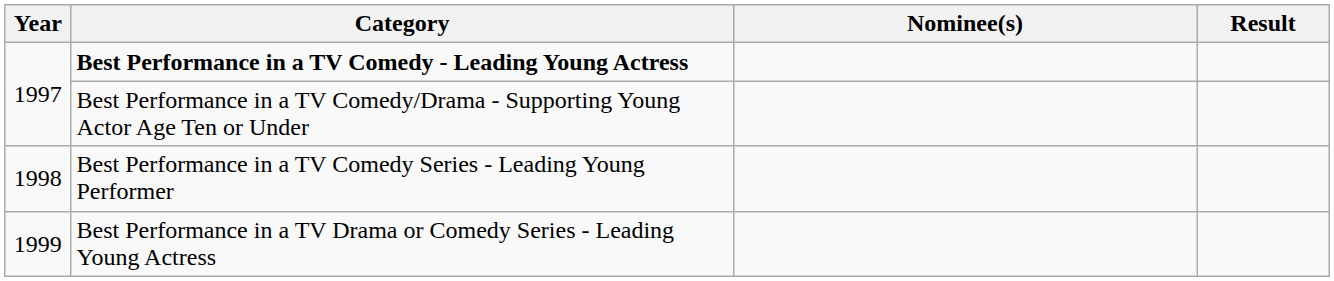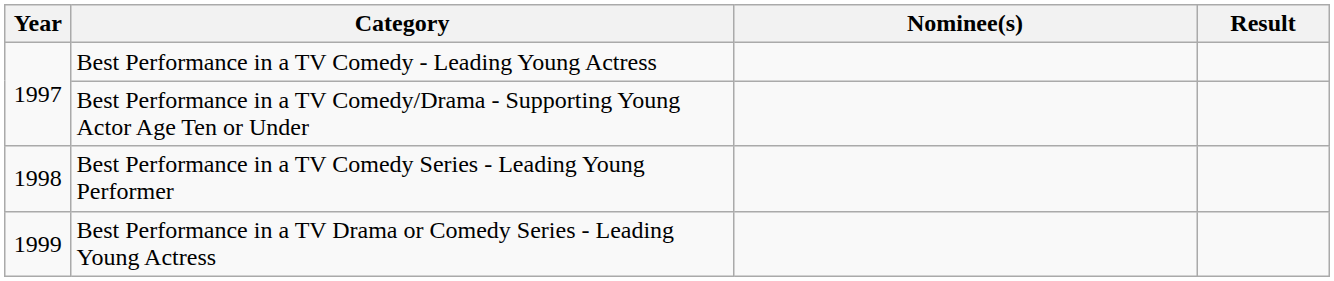 <table class="wikitable" width=100%>
 <tr>
 <th width="5%">Year</th>
 <th width="50%">Category</th>
 <th width="35%">Nominee(s)</th>
 <th width="10%">Result</th>
 </tr>
 <tr>
 <td style="text-align:center;" rowspan="2">1997</td>
-<td><strong>Best Performance in a TV Comedy - Leading Young Actress</strong></td>
+<td>Best Performance in a TV Comedy - Leading Young Actress</td>
 <td></td>
 <td></td>
 </tr>
 <tr>
 <td>Best Performance in a TV Comedy/Drama - Supporting Young Actor Age Ten or Under</td>
 <td></td>
 <td></td>
 </tr>
 <tr>
 <td style="text-align:center;" rowspan="1">1998</td>
 <td>Best Performance in a TV Comedy Series - Leading Young Performer</td>
 <td></td>
 <td></td>
 </tr>
 <tr>
 <td style="text-align:center;" rowspan="1">1999</td>
 <td>Best Performance in a TV Drama or Comedy Series - Leading Young Actress</td>
 <td></td>
 <td></td>
 </tr>
 </table>
